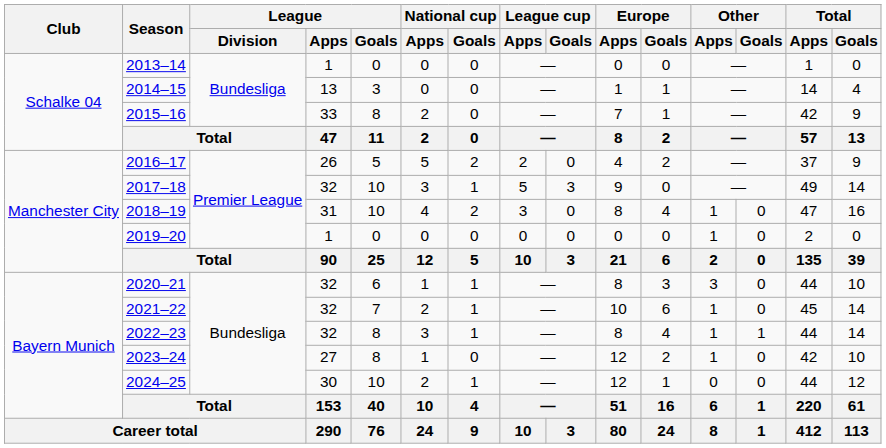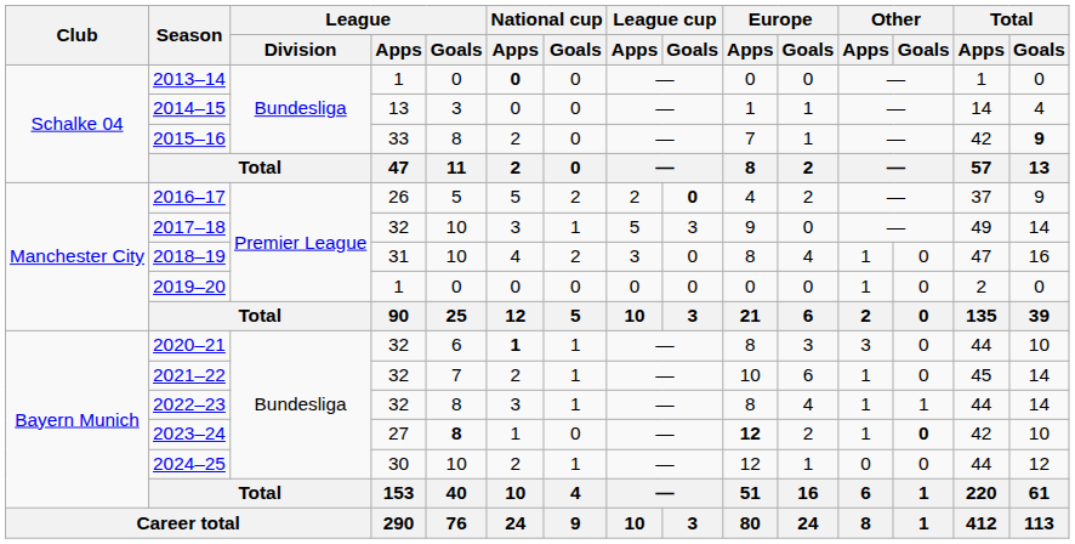 <table class=wikitable style=text-align:center>
 <tr>
 <th rowspan=2>Club</th>
 <th rowspan=2>Season</th>
 <th colspan=3>League</th>
 <th colspan=2>National cup</th>
 <th colspan=2>League cup</th>
 <th colspan=2>Europe</th>
 <th colspan=2>Other</th>
 <th colspan=2>Total</th>
 </tr>
 <tr>
 <th>Division</th>
 <th>Apps</th>
 <th>Goals</th>
 <th>Apps</th>
 <th>Goals</th>
 <th>Apps</th>
 <th>Goals</th>
 <th>Apps</th>
 <th>Goals</th>
 <th>Apps</th>
 <th>Goals</th>
 <th>Apps</th>
 <th>Goals</th>
 </tr>
 <tr>
 <td rowspan=4><a href='#'>Schalke 04</a></td>
 <td><a href='#'>2013–14</a></td>
 <td rowspan=3><a href='#'>Bundesliga</a></td>
 <td>1</td>
 <td>0</td>
-<td>0</td>
+<td><strong>0</strong></td>
 <td>0</td>
 <td colspan=2>—</td>
 <td>0</td>
 <td>0</td>
 <td colspan=2>—</td>
 <td>1</td>
 <td>0</td>
 </tr>
 <tr>
 <td><a href='#'>2014–15</a></td>
 <td>13</td>
 <td>3</td>
 <td>0</td>
 <td>0</td>
 <td colspan=2>—</td>
 <td>1</td>
 <td>1</td>
 <td colspan=2>—</td>
 <td>14</td>
 <td>4</td>
 </tr>
 <tr>
 <td><a href='#'>2015–16</a></td>
 <td>33</td>
 <td>8</td>
 <td>2</td>
 <td>0</td>
 <td colspan=2>—</td>
 <td>7</td>
 <td>1</td>
 <td colspan=2>—</td>
 <td>42</td>
-<td>9</td>
+<td><strong>9</strong></td>
 </tr>
 <tr>
 <th colspan=2>Total</th>
 <th>47</th>
 <th>11</th>
 <th>2</th>
 <th>0</th>
 <th colspan=2>—</th>
 <th>8</th>
 <th>2</th>
 <th colspan=2>—</th>
 <th>57</th>
 <th>13</th>
 </tr>
 <tr>
 <td rowspan=5><a href='#'>Manchester City</a></td>
 <td><a href='#'>2016–17</a></td>
 <td rowspan=4><a href='#'>Premier League</a></td>
 <td>26</td>
 <td>5</td>
 <td>5</td>
 <td>2</td>
 <td>2</td>
-<td>0</td>
+<td><strong>0</strong></td>
 <td>4</td>
 <td>2</td>
 <td colspan=2>—</td>
 <td>37</td>
 <td>9</td>
 </tr>
 <tr>
 <td><a href='#'>2017–18</a></td>
 <td>32</td>
 <td>10</td>
 <td>3</td>
 <td>1</td>
 <td>5</td>
 <td>3</td>
 <td>9</td>
 <td>0</td>
 <td colspan=2>—</td>
 <td>49</td>
 <td>14</td>
 </tr>
 <tr>
 <td><a href='#'>2018–19</a></td>
 <td>31</td>
 <td>10</td>
 <td>4</td>
 <td>2</td>
 <td>3</td>
 <td>0</td>
 <td>8</td>
 <td>4</td>
 <td>1</td>
 <td>0</td>
 <td>47</td>
 <td>16</td>
 </tr>
 <tr>
 <td><a href='#'>2019–20</a></td>
 <td>1</td>
 <td>0</td>
 <td>0</td>
 <td>0</td>
 <td>0</td>
 <td>0</td>
 <td>0</td>
 <td>0</td>
 <td>1</td>
 <td>0</td>
 <td>2</td>
 <td>0</td>
 </tr>
 <tr>
 <th colspan=2>Total</th>
 <th>90</th>
 <th>25</th>
 <th>12</th>
 <th>5</th>
 <th>10</th>
 <th>3</th>
 <th>21</th>
 <th>6</th>
 <th>2</th>
 <th>0</th>
 <th>135</th>
 <th>39</th>
 </tr>
 <tr>
 <td rowspan=6><a href='#'>Bayern Munich</a></td>
 <td><a href='#'>2020–21</a></td>
 <td rowspan=5>Bundesliga</td>
 <td>32</td>
 <td>6</td>
-<td>1</td>
+<td><strong>1</strong></td>
 <td>1</td>
 <td colspan=2>—</td>
 <td>8</td>
 <td>3</td>
 <td>3</td>
 <td>0</td>
 <td>44</td>
 <td>10</td>
 </tr>
 <tr>
 <td><a href='#'>2021–22</a></td>
 <td>32</td>
 <td>7</td>
 <td>2</td>
 <td>1</td>
 <td colspan=2>—</td>
 <td>10</td>
 <td>6</td>
 <td>1</td>
 <td>0</td>
 <td>45</td>
 <td>14</td>
 </tr>
 <tr>
 <td><a href='#'>2022–23</a></td>
 <td>32</td>
 <td>8</td>
 <td>3</td>
 <td>1</td>
 <td colspan=2>—</td>
 <td>8</td>
 <td>4</td>
 <td>1</td>
 <td>1</td>
 <td>44</td>
 <td>14</td>
 </tr>
 <tr>
 <td><a href='#'>2023–24</a></td>
 <td>27</td>
-<td>8</td>
+<td><strong>8</strong></td>
 <td>1</td>
 <td>0</td>
 <td colspan=2>—</td>
-<td>12</td>
+<td><strong>12</strong></td>
 <td>2</td>
 <td>1</td>
-<td>0</td>
+<td><strong>0</strong></td>
 <td>42</td>
 <td>10</td>
 </tr>
 <tr>
 <td><a href='#'>2024–25</a></td>
 <td>30</td>
 <td>10</td>
 <td>2</td>
 <td>1</td>
 <td colspan=2>—</td>
 <td>12</td>
 <td>1</td>
 <td>0</td>
 <td>0</td>
 <td>44</td>
 <td>12</td>
 </tr>
 <tr>
 <th colspan=2>Total</th>
 <th>153</th>
 <th>40</th>
 <th>10</th>
 <th>4</th>
 <th colspan=2>—</th>
 <th>51</th>
 <th>16</th>
 <th>6</th>
 <th>1</th>
 <th>220</th>
 <th>61</th>
 </tr>
 <tr>
 <th colspan=3>Career total</th>
 <th>290</th>
 <th>76</th>
 <th>24</th>
 <th>9</th>
 <th>10</th>
 <th>3</th>
 <th>80</th>
 <th>24</th>
 <th>8</th>
 <th>1</th>
 <th>412</th>
 <th>113</th>
 </tr>
 </table>
